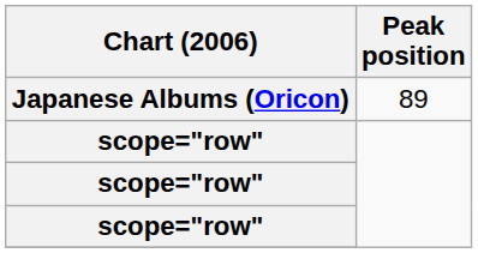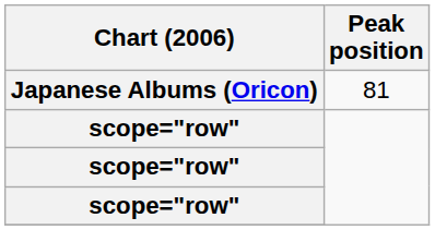 <table class="wikitable sortable plainrowheaders" style="text-align:center">
 <tr>
 <th scope="col">Chart (2006)</th>
 <th scope="col">Peak<br>position</th>
 </tr>
 <tr>
 <th scope="row">Japanese Albums (<a href='#'>Oricon</a>)</th>
-<td>89</td>
+<td>81</td>
 </tr>
 <tr>
 <th>scope="row" </th>
 </tr>
 <tr>
 <th>scope="row" </th>
 </tr>
 <tr>
 <th>scope="row" </th>
 </tr>
 <tr>
 </tr>
 </table>
